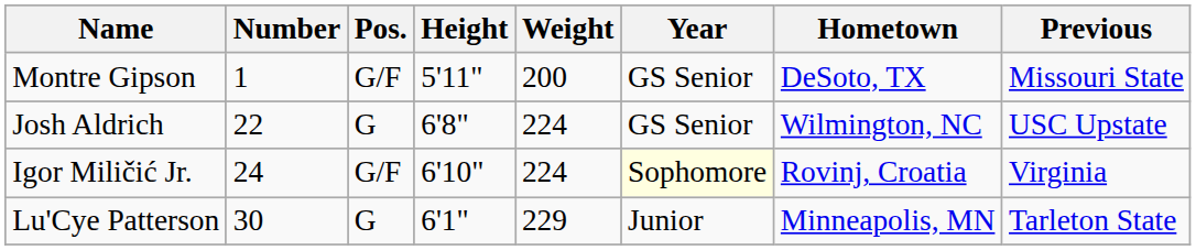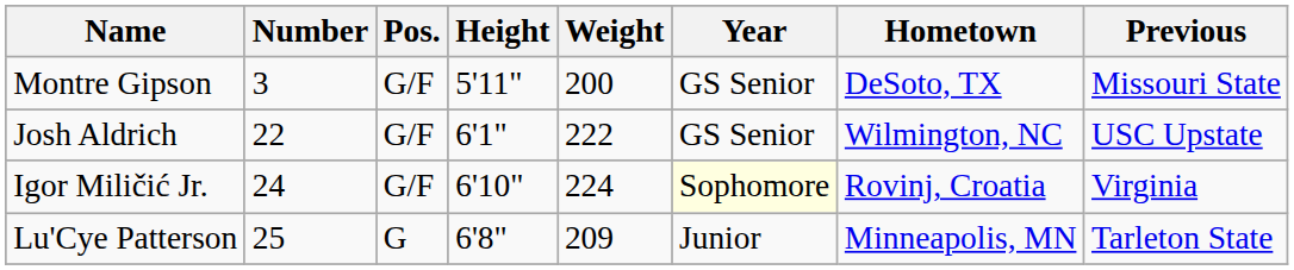 <table class="wikitable sortable" border="1">
 <tr>
 <th>Name</th>
 <th>Number</th>
 <th>Pos.</th>
 <th>Height</th>
 <th>Weight</th>
 <th>Year</th>
 <th>Hometown</th>
 <th>Previous</th>
 </tr>
 <tr>
 <td>Montre Gipson</td>
-<td>1</td>
+<td>3</td>
 <td>G/F</td>
 <td>5'11"</td>
 <td>200</td>
 <td>GS Senior</td>
 <td><a href='#'>DeSoto, TX</a></td>
 <td><a href='#'>Missouri State</a></td>
 </tr>
 <tr>
 <td>Josh Aldrich</td>
 <td>22</td>
-<td>G</td>
-<td>6'8"</td>
-<td>224</td>
+<td>G/F</td>
+<td>6'1"</td>
+<td>222</td>
 <td>GS Senior</td>
 <td><a href='#'>Wilmington, NC</a></td>
 <td><a href='#'>USC Upstate</a></td>
 </tr>
 <tr>
 <td>Igor Miličić Jr.</td>
 <td>24</td>
 <td>G/F</td>
 <td>6'10"</td>
 <td>224</td>
 <td style="background: lightyellow;">Sophomore</td>
 <td><a href='#'>Rovinj, Croatia</a></td>
 <td><a href='#'>Virginia</a></td>
 </tr>
 <tr>
 <td>Lu'Cye Patterson</td>
-<td>30</td>
+<td>25</td>
 <td>G</td>
-<td>6'1"</td>
-<td>229</td>
+<td>6'8"</td>
+<td>209</td>
 <td>Junior</td>
 <td><a href='#'>Minneapolis, MN</a></td>
 <td><a href='#'>Tarleton State</a></td>
 </tr>
 </table>
